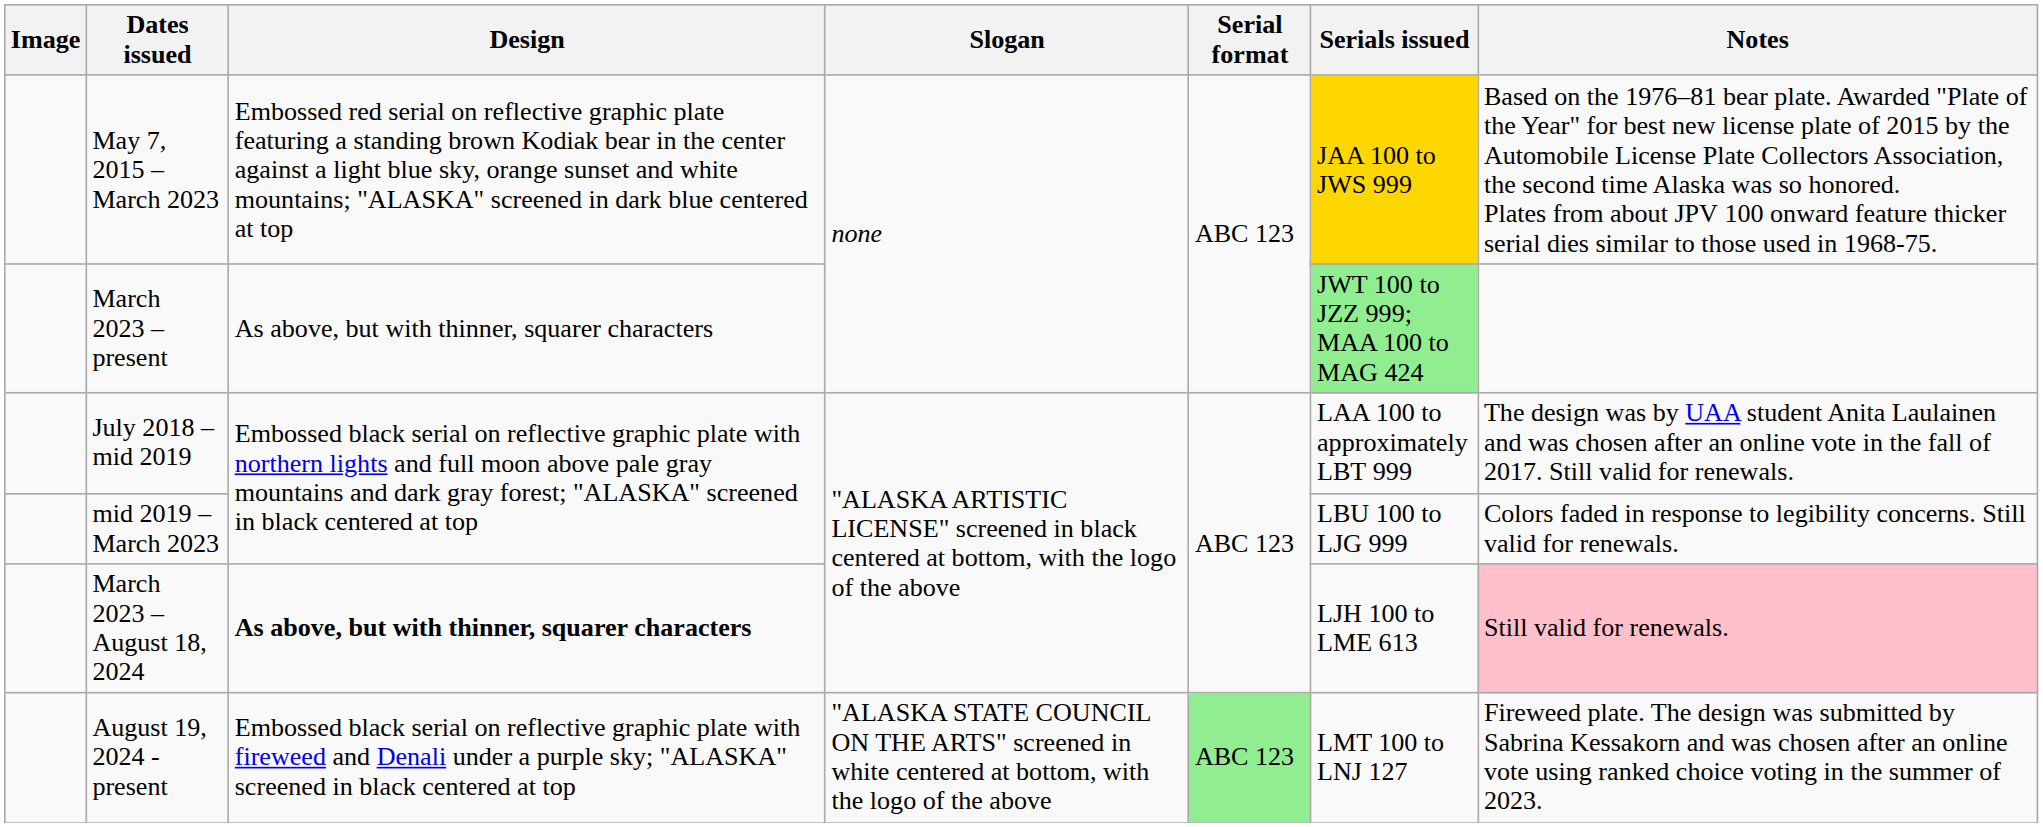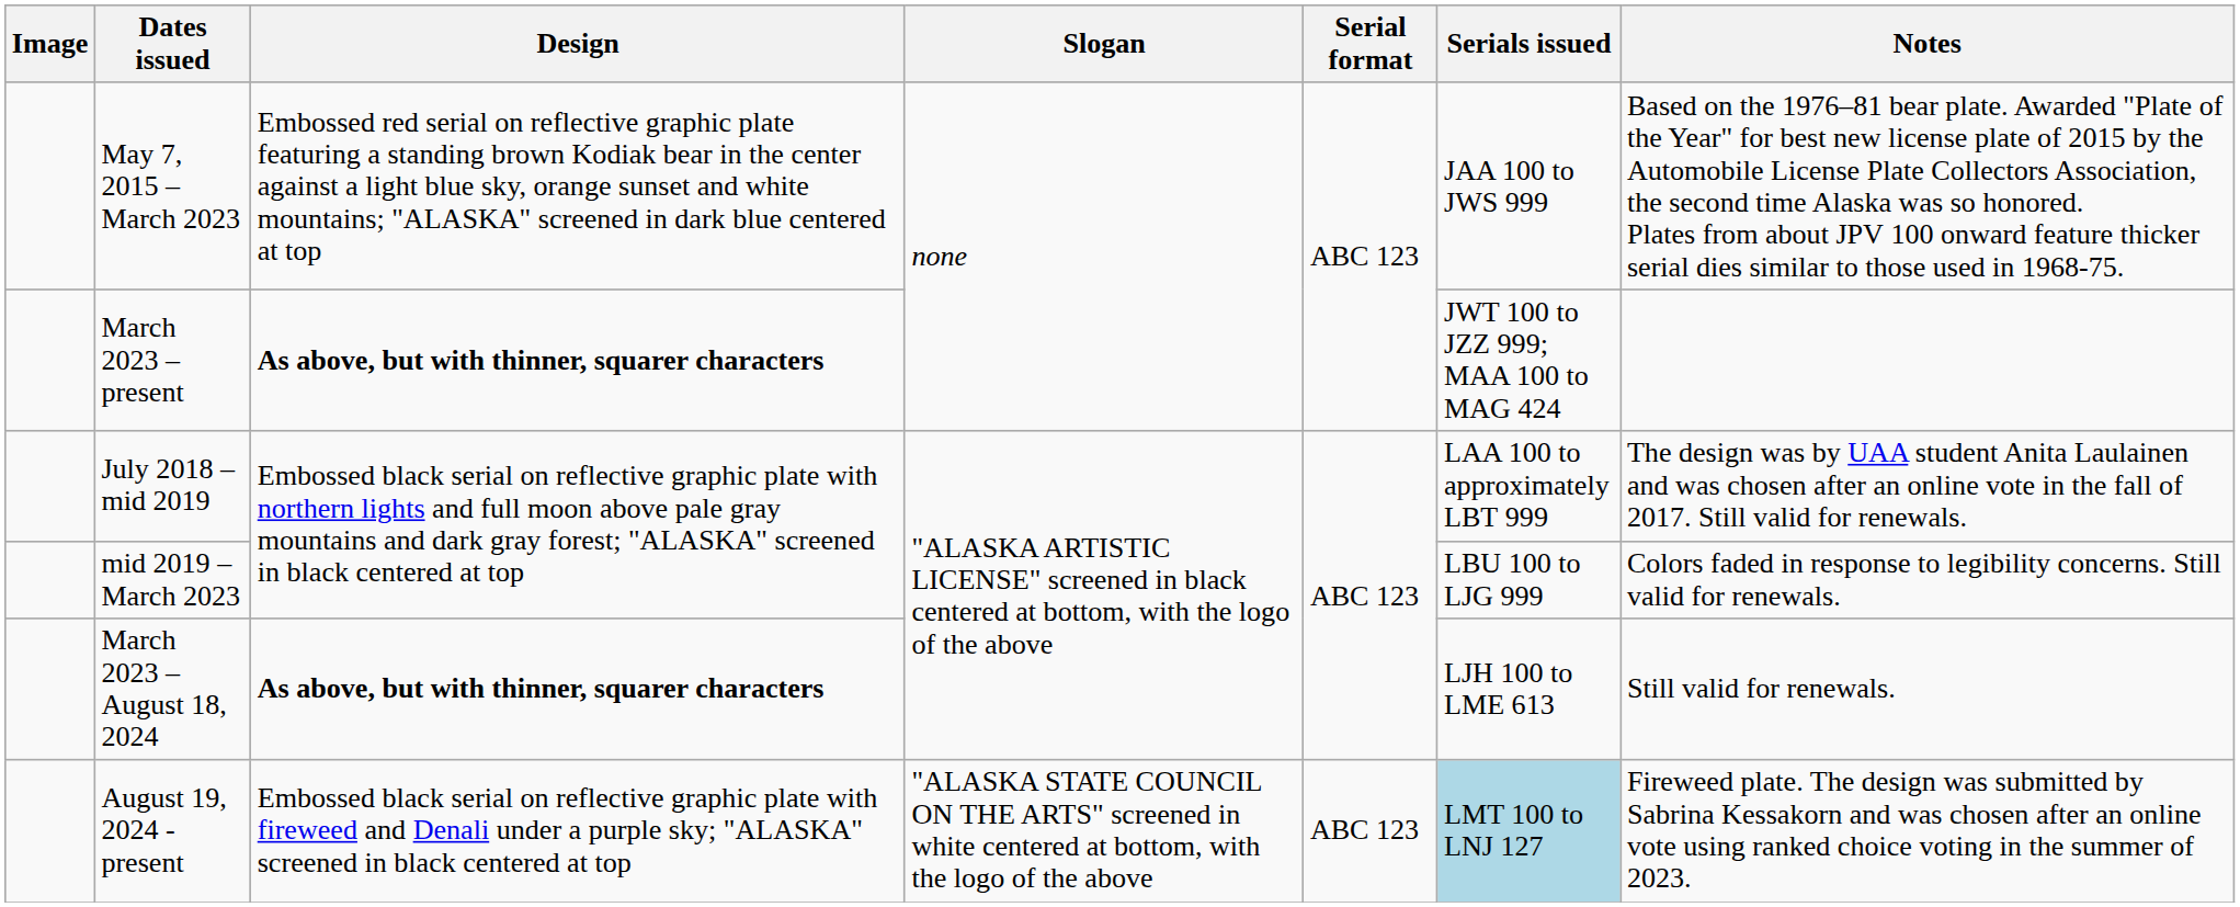 <table class="wikitable">
 <tr>
 <th>Image</th>
 <th>Dates issued</th>
 <th>Design</th>
 <th>Slogan</th>
 <th>Serial format</th>
 <th style="width:95px;">Serials issued</th>
 <th>Notes</th>
 </tr>
 <tr>
 <td></td>
 <td>May 7, 2015 – March 2023</td>
 <td>Embossed red serial on reflective graphic plate featuring a standing brown Kodiak bear in the center against a light blue sky, orange sunset and white mountains; "ALASKA" screened in dark blue centered at top</td>
 <td rowspan="2"><em>none</em></td>
 <td rowspan="2">ABC 123</td>
-<td style="background: gold;">JAA 100 to JWS 999</td>
+<td>JAA 100 to JWS 999</td>
 <td>Based on the 1976–81 bear plate. Awarded "Plate of the Year" for best new license plate of 2015 by the Automobile License Plate Collectors Association, the second time Alaska was so honored.<br>Plates from about JPV 100 onward feature thicker serial dies similar to those used in 1968-75.</td>
 </tr>
 <tr>
 <td></td>
 <td>March 2023 – present</td>
-<td>As above, but with thinner, squarer characters</td>
-<td style="background: lightgreen;">JWT 100 to JZZ 999;<br>MAA 100 to MAG 424 </td>
+<td><strong>As above, but with thinner, squarer characters</strong></td>
+<td>JWT 100 to JZZ 999;<br>MAA 100 to MAG 424 </td>
 </tr>
 <tr>
 <td></td>
 <td>July 2018 – mid 2019</td>
 <td rowspan="2">Embossed black serial on reflective graphic plate with <a href='#'>northern lights</a> and full moon above pale gray mountains and dark gray forest; "ALASKA" screened in black centered at top</td>
 <td rowspan="3">"ALASKA ARTISTIC LICENSE" screened in black centered at bottom, with the logo of the  above</td>
 <td rowspan="3">ABC 123</td>
 <td>LAA 100 to approximately LBT 999</td>
 <td>The design was by <a href='#'>UAA</a> student Anita Laulainen and was chosen after an online vote in the fall of 2017. Still valid for renewals.</td>
 </tr>
 <tr>
 <td></td>
 <td>mid 2019 – March 2023</td>
 <td>LBU 100 to LJG 999</td>
 <td>Colors faded in response to legibility concerns. Still valid for renewals.</td>
 </tr>
 <tr>
 <td></td>
 <td>March 2023 – August 18, 2024</td>
 <td><strong>As above, but with thinner, squarer characters</strong></td>
 <td>LJH 100 to LME 613 </td>
-<td style="background: pink;">Still valid for renewals.</td>
+<td>Still valid for renewals.</td>
 </tr>
 <tr>
 <td></td>
 <td>August 19, 2024 - present</td>
 <td>Embossed black serial on reflective graphic plate with <a href='#'>fireweed</a> and <a href='#'>Denali</a> under a purple sky; "ALASKA" screened in black centered at top</td>
 <td>"ALASKA STATE COUNCIL ON THE ARTS" screened in white centered at bottom, with the logo of the  above</td>
-<td style="background: lightgreen;">ABC 123</td>
-<td>LMT 100 to LNJ 127 </td>
+<td>ABC 123</td>
+<td style="background: lightblue;">LMT 100 to LNJ 127 </td>
 <td>Fireweed plate. The design was submitted by Sabrina Kessakorn and was chosen after an online vote using ranked choice voting in the summer of 2023.</td>
 </tr>
 </table>
